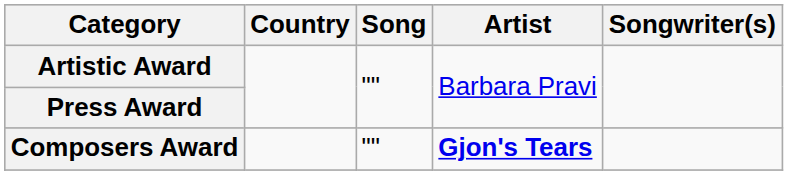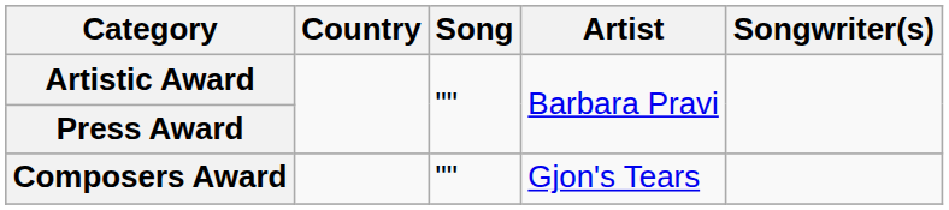 <table class="wikitable plainrowheaders">
 <tr>
 <th scope="col">Category</th>
 <th scope="col">Country</th>
 <th scope="col">Song</th>
 <th scope="col">Artist</th>
 <th scope="col">Songwriter(s)</th>
 </tr>
 <tr>
 <th scope="row">Artistic Award</th>
 <td rowspan="2"></td>
 <td rowspan="2">""</td>
 <td rowspan="2"><a href='#'>Barbara Pravi</a></td>
 <td rowspan="2"></td>
 </tr>
 <tr>
 <th scope="row">Press Award</th>
 </tr>
 <tr>
 <th scope="row">Composers Award</th>
 <td></td>
 <td>""</td>
-<td><strong><a href='#'>Gjon's Tears</a></strong></td>
+<td><a href='#'>Gjon's Tears</a></td>
 <td></td>
 </tr>
 </table>
